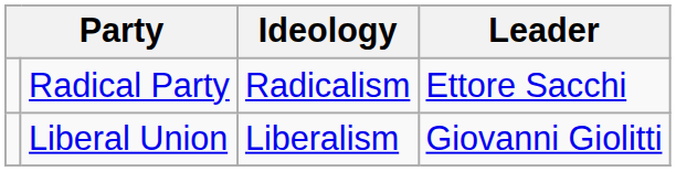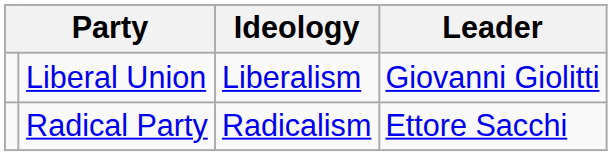 <table class=wikitable style="font-size:100%">
 <tr>
 <th colspan=2>Party</th>
 <th>Ideology</th>
 <th>Leader</th>
 </tr>
 <tr>
 <td style="color:inherit;background:"></td>
+<td><a href='#'>Liberal Union</a></td>
+<td><a href='#'>Liberalism</a></td>
+<td><a href='#'>Giovanni Giolitti</a></td>
+</tr>
+<tr>
+<td style="color:inherit;background:"></td>
 <td><a href='#'>Radical Party</a></td>
 <td><a href='#'>Radicalism</a></td>
 <td><a href='#'>Ettore Sacchi</a></td>
 </tr>
-<tr>
-<td style="color:inherit;background:"></td>
-<td><a href='#'>Liberal Union</a></td>
-<td><a href='#'>Liberalism</a></td>
-<td><a href='#'>Giovanni Giolitti</a></td>
-</tr>
 </table>
